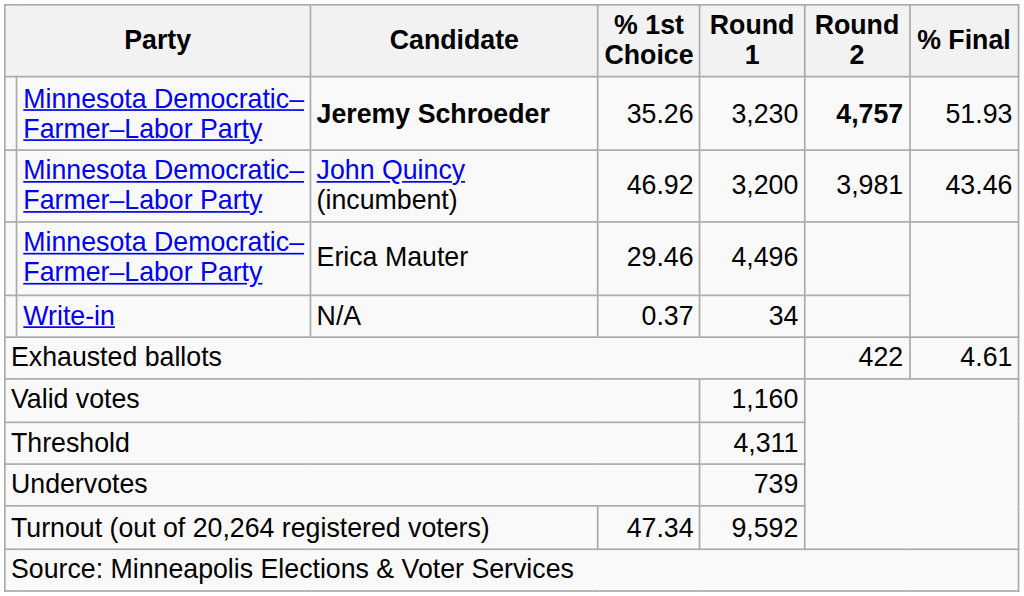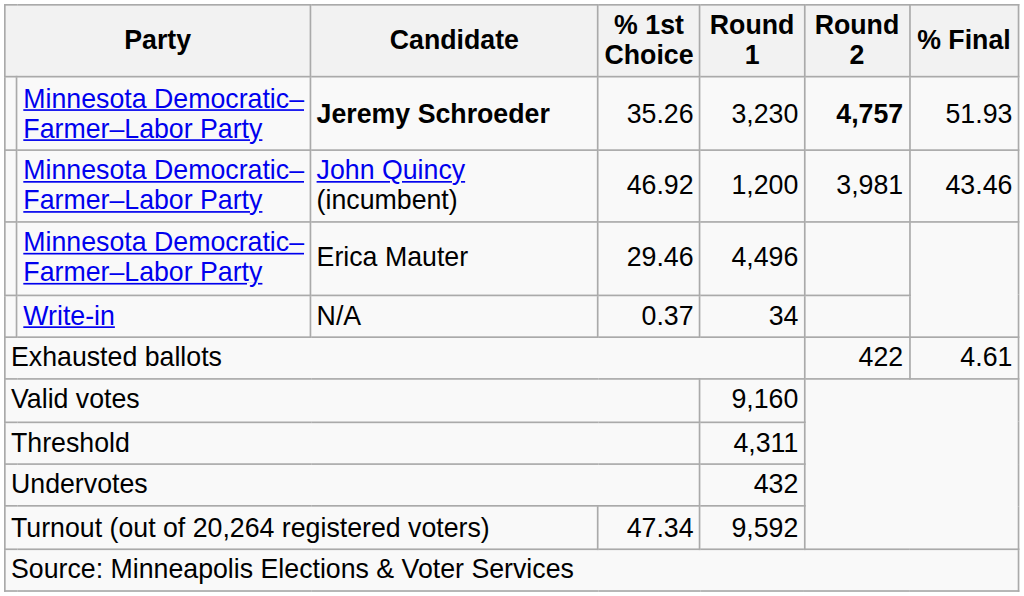 <table class="wikitable">
 <tr>
 <th colspan="2" style="width:290px">Party</th>
 <th style="width:165px">Candidate</th>
 <th>% 1st<br>Choice</th>
 <th>Round 1</th>
 <th>Round 2</th>
 <th style="width:58px;">% Final</th>
 </tr>
 <tr>
 <td style="background-color:"></td>
 <td><a href='#'>Minnesota Democratic–Farmer–Labor Party</a></td>
 <td><strong>Jeremy Schroeder</strong></td>
 <td align="right">35.26</td>
 <td align="right">3,230</td>
 <td align="right"><strong>4,757</strong></td>
 <td align="right">51.93</td>
 </tr>
 <tr>
 <td style="background-color:"></td>
 <td><a href='#'>Minnesota Democratic–Farmer–Labor Party</a></td>
 <td><a href='#'>John Quincy</a>  (incumbent)</td>
 <td align="right">46.92</td>
-<td align="right">3,200</td>
+<td align="right">1,200</td>
 <td align="right">3,981</td>
 <td align="right">43.46</td>
 </tr>
 <tr>
 <td style="background-color:"></td>
 <td><a href='#'>Minnesota Democratic–Farmer–Labor Party</a></td>
 <td>Erica Mauter</td>
 <td align="right">29.46</td>
 <td align="right">4,496</td>
 <td></td>
 <td rowspan="2"></td>
 </tr>
 <tr>
 <td style="background-color:"></td>
 <td><a href='#'>Write-in</a></td>
 <td>N/A</td>
 <td align="right">0.37</td>
 <td align="right">34</td>
 <td></td>
 </tr>
 <tr>
 <td colspan="5">Exhausted ballots</td>
 <td align="right">422</td>
 <td align="right">4.61</td>
 </tr>
 <tr>
 <td colspan="4">Valid votes</td>
-<td align="right">1,160</td>
+<td align="right">9,160</td>
 <td colspan="2" rowspan="4"></td>
 </tr>
 <tr>
 <td colspan="4">Threshold</td>
 <td align="right">4,311</td>
 </tr>
 <tr>
 <td colspan="4">Undervotes</td>
-<td align="right">739</td>
+<td align="right">432</td>
 </tr>
 <tr>
 <td colspan="3">Turnout (out of 20,264 registered voters)</td>
 <td align="right">47.34</td>
 <td align="right">9,592</td>
 </tr>
 <tr>
 <td colspan="7">Source: Minneapolis Elections & Voter Services</td>
 </tr>
 </table>
